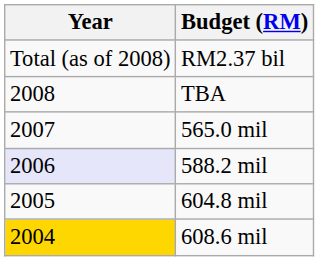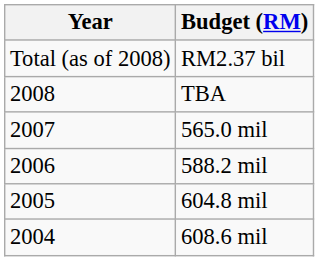 <table class="wikitable">
 <tr>
 <th>Year</th>
 <th>Budget (<a href='#'>RM</a>)</th>
 </tr>
 <tr>
 <td>Total (as of 2008)</td>
 <td>RM2.37 bil</td>
 </tr>
 <tr>
 <td>2008</td>
 <td>TBA</td>
 </tr>
 <tr>
 <td>2007</td>
 <td>565.0 mil</td>
 </tr>
 <tr>
-<td style="background: lavender;">2006</td>
+<td>2006</td>
 <td>588.2 mil</td>
 </tr>
 <tr>
 <td>2005</td>
 <td>604.8 mil</td>
 </tr>
 <tr>
-<td style="background: gold;">2004</td>
+<td>2004</td>
 <td>608.6 mil</td>
 </tr>
 </table>
